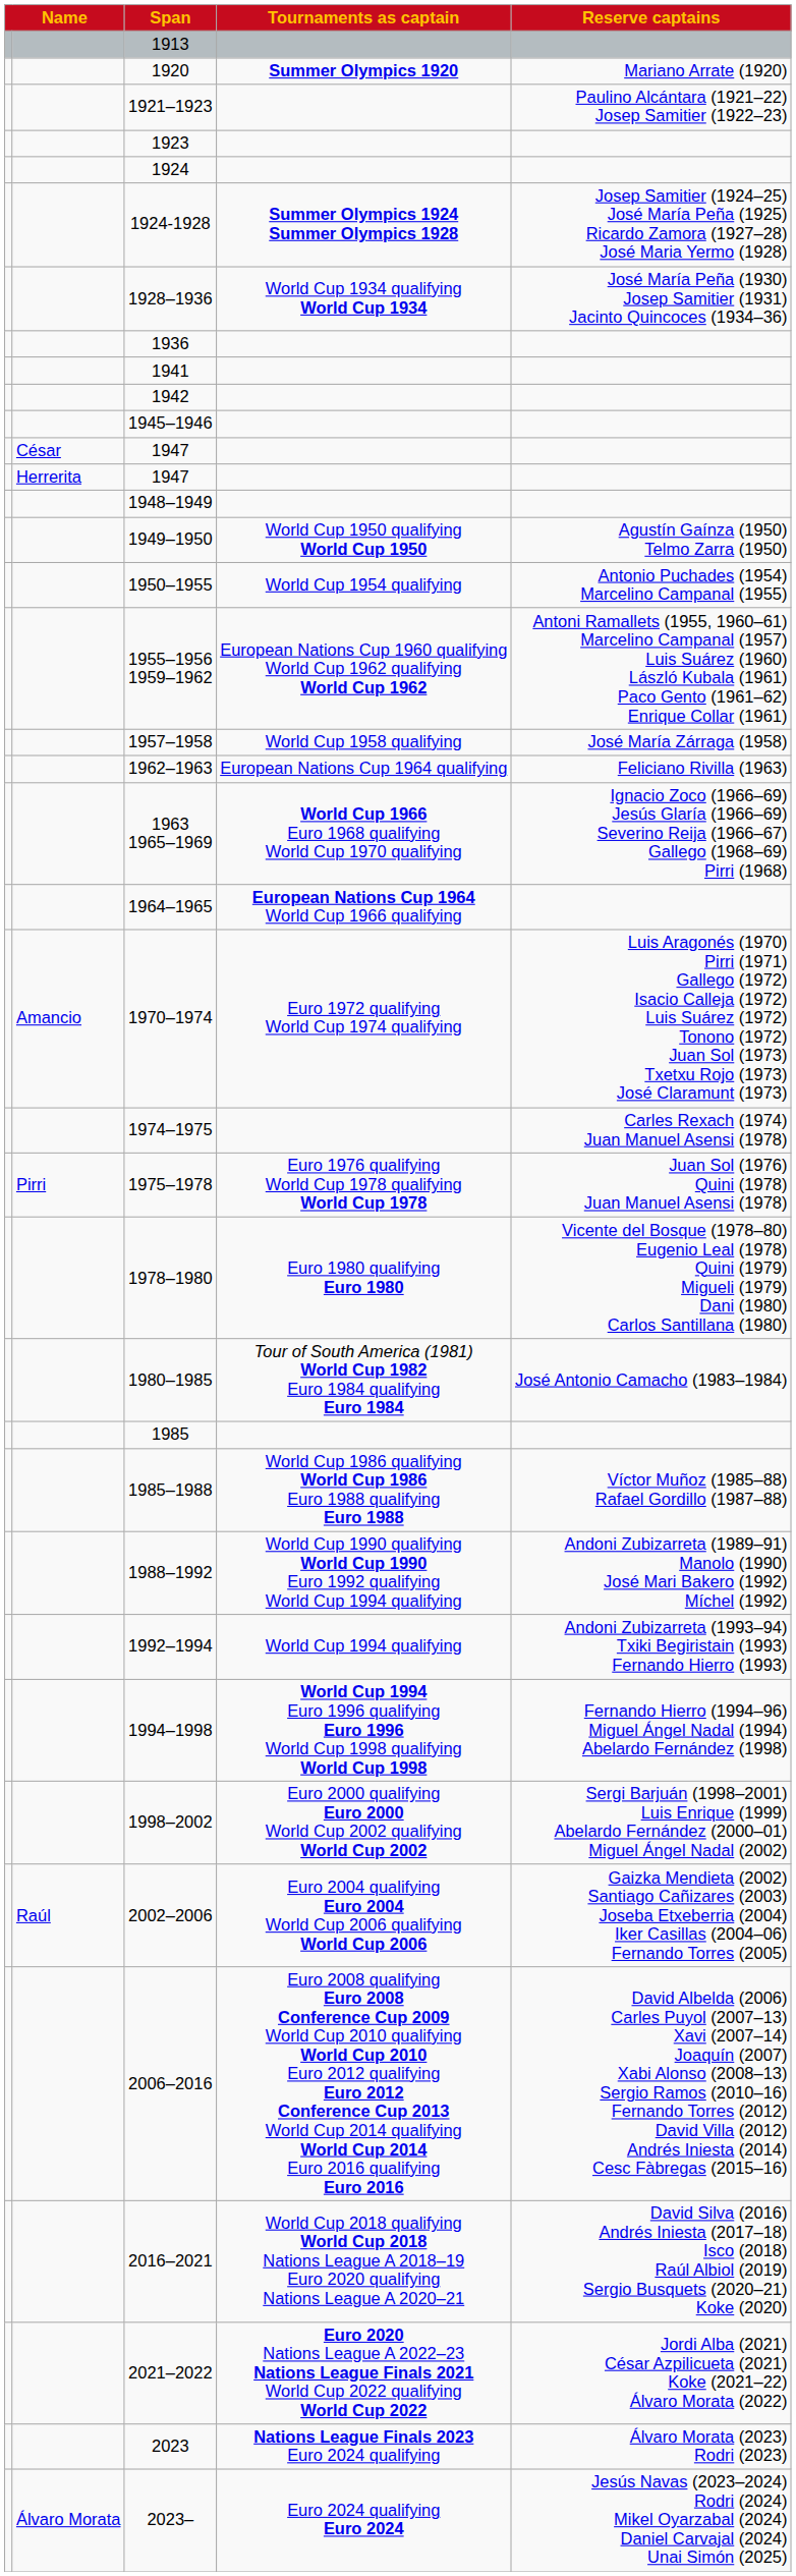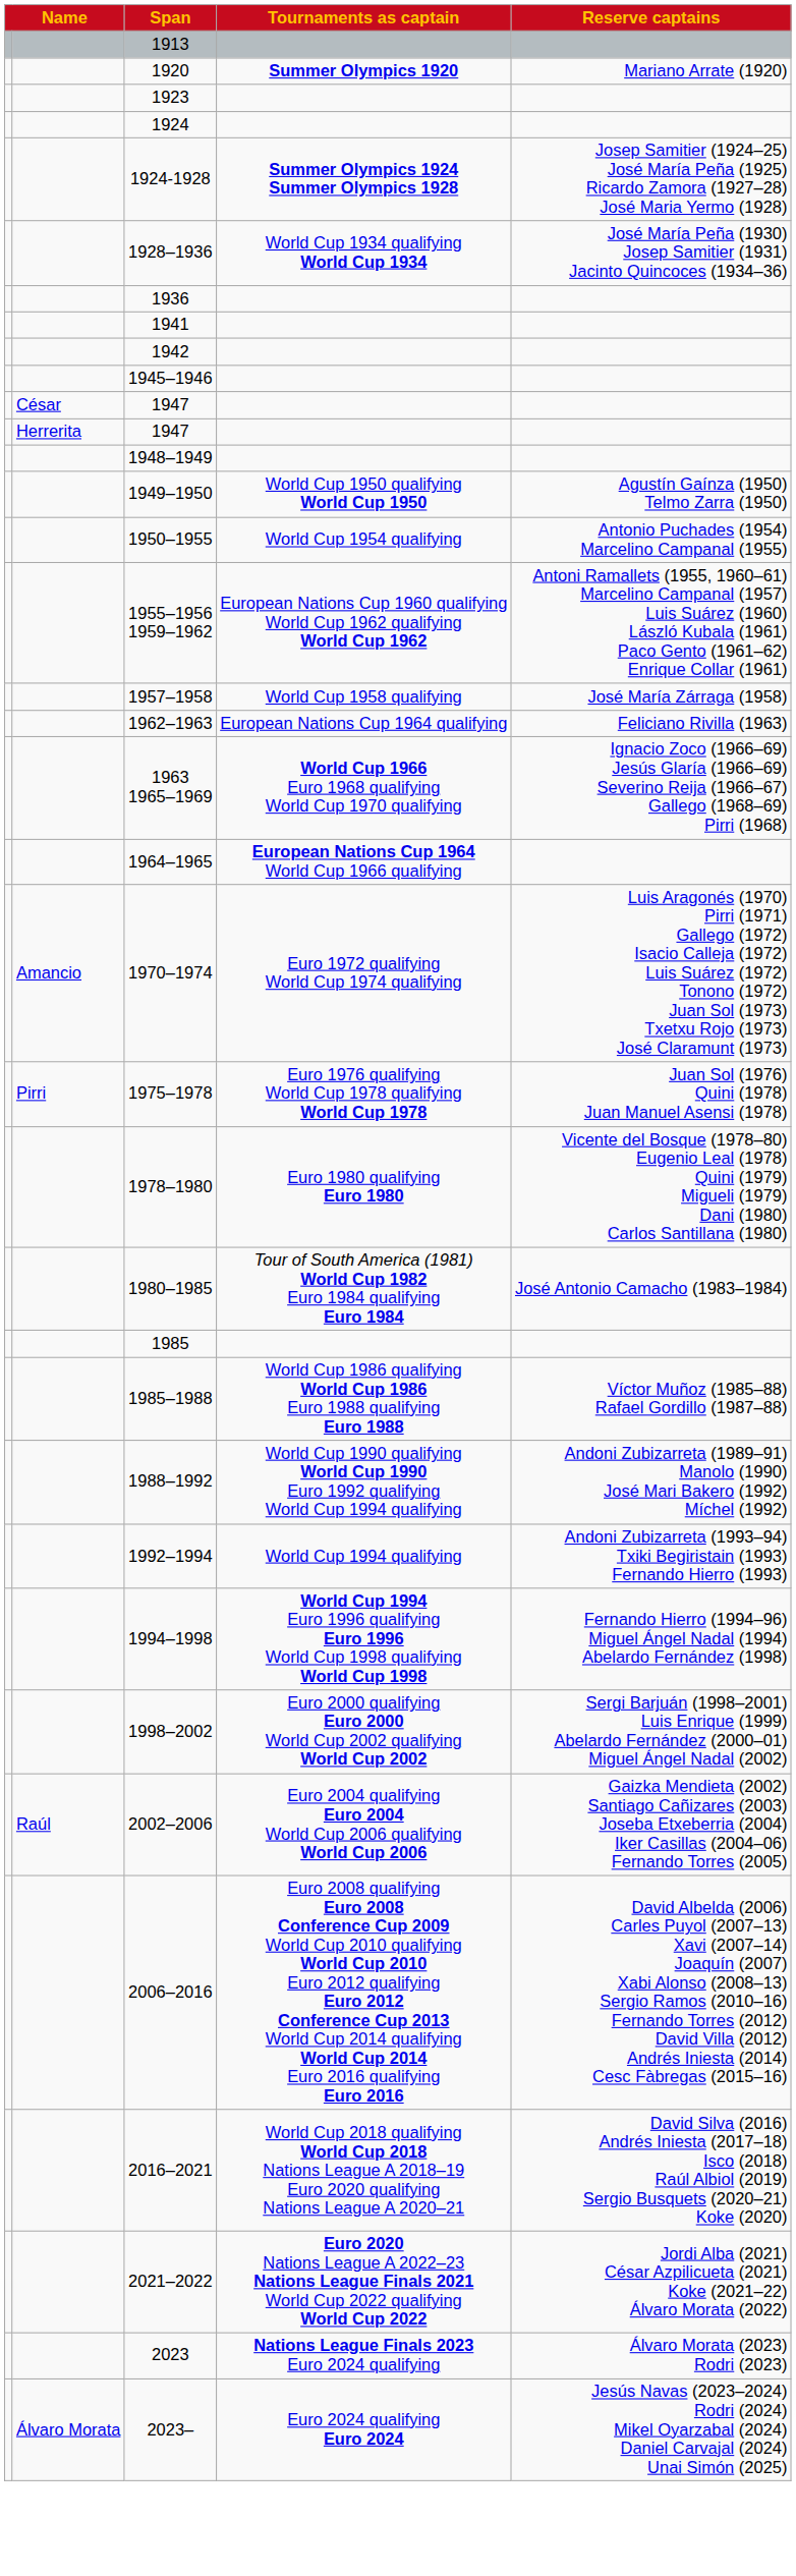 <table class="wikitable sortable" style="text-align:center">
 <tr>
 <th colspan="2" style="background-color:#C60B1E;color:#FFC400;">Name</th>
 <th style="background-color:#C60B1E;color:#FFC400;">Span</th>
 <th class="unsortable" style="background-color:#C60B1E;color:#FFC400;">Tournaments as captain</th>
 <th class="unsortable" style="background-color:#C60B1E;color:#FFC400;">Reserve captains</th>
 </tr>
 <tr>
 <td style="text-align:center" bgcolor=#B4BCC0></td>
 <td style="text-align:left" bgcolor=#B4BCC0></td>
 <td style="text-align:center" bgcolor=#B4BCC0>1913</td>
 <td style="text-align:center" bgcolor=#B4BCC0></td>
 <td style="text-align:center" bgcolor=#B4BCC0></td>
 </tr>
 <tr>
 <td></td>
 <td style="text-align:left"></td>
 <td>1920</td>
 <td> <strong><a href='#'>Summer Olympics 1920</a></strong></td>
 <td style="text-align:right"><a href='#'>Mariano Arrate</a> (1920)</td>
-</tr>
-<tr>
-<td></td>
-<td style="text-align:left"></td>
-<td>1921–1923</td>
-<td></td>
-<td style="text-align:right"><a href='#'>Paulino Alcántara</a> (1921–22) <br> <a href='#'>Josep Samitier</a> (1922–23)</td>
 </tr>
 <tr>
 <td></td>
 <td style="text-align:left"></td>
 <td>1923</td>
 <td></td>
 <td style="text-align:left"></td>
 </tr>
 <tr>
 <td></td>
 <td style="text-align:left"></td>
 <td>1924</td>
 <td></td>
 <td style="text-align:left"></td>
 </tr>
 <tr>
 <td></td>
 <td style="text-align:left"></td>
 <td>1924-1928</td>
 <td><strong><a href='#'>Summer Olympics 1924</a></strong> <br> <strong><a href='#'>Summer Olympics 1928</a></strong></td>
 <td style="text-align:right"><a href='#'>Josep Samitier</a> (1924–25) <br> <a href='#'>José María Peña</a> (1925) <br> <a href='#'>Ricardo Zamora</a> (1927–28) <br> <a href='#'>José Maria Yermo</a> (1928)</td>
 </tr>
 <tr>
 <td></td>
 <td style="text-align:left"></td>
 <td>1928–1936</td>
 <td><a href='#'>World Cup 1934 qualifying</a> <br> <strong><a href='#'>World Cup 1934</a></strong></td>
 <td style="text-align:right"><a href='#'>José María Peña</a> (1930) <br> <a href='#'>Josep Samitier</a> (1931) <br> <a href='#'>Jacinto Quincoces</a> (1934–36)</td>
 </tr>
 <tr>
 <td></td>
 <td style="text-align:left"></td>
 <td>1936</td>
 <td></td>
 <td style="text-align:right"></td>
 </tr>
 <tr>
 <td></td>
 <td style="text-align:left"></td>
 <td>1941</td>
 <td></td>
 <td style="text-align:right"></td>
 </tr>
 <tr>
 <td></td>
 <td style="text-align:left"></td>
 <td>1942</td>
 <td></td>
 <td style="text-align:right"></td>
 </tr>
 <tr>
 <td></td>
 <td style="text-align:left"></td>
 <td>1945–1946</td>
 <td></td>
 <td style="text-align:right"></td>
 </tr>
 <tr>
 <td></td>
 <td style="text-align:left"><a href='#'>César</a></td>
 <td>1947</td>
 <td></td>
 <td style="text-align:right"></td>
 </tr>
 <tr>
 <td></td>
 <td style="text-align:left"><a href='#'>Herrerita</a></td>
 <td>1947</td>
 <td></td>
 <td style="text-align:right"></td>
 </tr>
 <tr>
 <td></td>
 <td style="text-align:left"></td>
 <td>1948–1949</td>
 <td></td>
 <td style="text-align:right"></td>
 </tr>
 <tr>
 <td></td>
 <td style="text-align:left"></td>
 <td>1949–1950</td>
 <td><a href='#'>World Cup 1950 qualifying</a> <br> <strong><a href='#'>World Cup 1950</a></strong></td>
 <td style="text-align:right"><a href='#'>Agustín Gaínza</a> (1950) <br> <a href='#'>Telmo Zarra</a> (1950)</td>
 </tr>
 <tr>
 <td></td>
 <td style="text-align:left"></td>
 <td>1950–1955</td>
 <td><a href='#'>World Cup 1954 qualifying</a></td>
 <td style="text-align:right"><a href='#'>Antonio Puchades</a> (1954) <br> <a href='#'>Marcelino Campanal</a> (1955)</td>
 </tr>
 <tr>
 <td></td>
 <td style="text-align:left"></td>
 <td>1955–1956 <br> 1959–1962</td>
 <td><a href='#'>European Nations Cup 1960 qualifying</a> <br> <a href='#'>World Cup 1962 qualifying</a> <br> <strong><a href='#'>World Cup 1962</a></strong></td>
 <td style="text-align:right"><a href='#'>Antoni Ramallets</a> (1955, 1960–61) <br> <a href='#'>Marcelino Campanal</a> (1957) <br> <a href='#'>Luis Suárez</a> (1960) <br> <a href='#'>László Kubala</a> (1961) <br> <a href='#'>Paco Gento</a> (1961–62) <br> <a href='#'>Enrique Collar</a> (1961)</td>
 </tr>
 <tr>
 <td></td>
 <td style="text-align:left"></td>
 <td>1957–1958</td>
 <td><a href='#'>World Cup 1958 qualifying</a></td>
 <td style="text-align:right"><a href='#'>José María Zárraga</a> (1958)</td>
 </tr>
 <tr>
 <td></td>
 <td style="text-align:left"></td>
 <td>1962–1963</td>
 <td><a href='#'>European Nations Cup 1964 qualifying</a></td>
 <td style="text-align:right"><a href='#'>Feliciano Rivilla</a> (1963)</td>
 </tr>
 <tr>
 <td></td>
 <td style="text-align:left"></td>
 <td>1963 <br> 1965–1969</td>
 <td><strong><a href='#'>World Cup 1966</a></strong> <br> <a href='#'>Euro 1968 qualifying</a> <br> <a href='#'>World Cup 1970 qualifying</a></td>
 <td style="text-align:right"><a href='#'>Ignacio Zoco</a> (1966–69) <br> <a href='#'>Jesús Glaría</a> (1966–69) <br> <a href='#'>Severino Reija</a> (1966–67) <br> <a href='#'>Gallego</a> (1968–69) <br> <a href='#'>Pirri</a> (1968)</td>
 </tr>
 <tr>
 <td></td>
 <td style="text-align:left"></td>
 <td>1964–1965</td>
 <td> <strong><a href='#'>European Nations Cup 1964</a></strong> <br> <a href='#'>World Cup 1966 qualifying</a></td>
 <td style="text-align:right"></td>
 </tr>
 <tr>
 <td></td>
 <td style="text-align:left"><a href='#'>Amancio</a></td>
 <td>1970–1974</td>
 <td><a href='#'>Euro 1972 qualifying</a> <br> <a href='#'>World Cup 1974 qualifying</a></td>
 <td style="text-align:right"><a href='#'>Luis Aragonés</a> (1970) <br> <a href='#'>Pirri</a> (1971) <br> <a href='#'>Gallego</a> (1972) <br> <a href='#'>Isacio Calleja</a> (1972) <br> <a href='#'>Luis Suárez</a> (1972) <br> <a href='#'>Tonono</a> (1972) <br> <a href='#'>Juan Sol</a> (1973) <br> <a href='#'>Txetxu Rojo</a> (1973) <br> <a href='#'>José Claramunt</a> (1973)</td>
 </tr>
 <tr>
 <td></td>
-<td style="text-align:left"></td>
-<td>1974–1975</td>
-<td></td>
-<td style="text-align:right"><a href='#'>Carles Rexach</a> (1974) <br> <a href='#'>Juan Manuel Asensi</a> (1978)</td>
-</tr>
-<tr>
-<td></td>
 <td style="text-align:left"><a href='#'>Pirri</a></td>
 <td>1975–1978</td>
 <td><a href='#'>Euro 1976 qualifying</a> <br><a href='#'>World Cup 1978 qualifying</a> <br> <strong><a href='#'>World Cup 1978</a></strong></td>
 <td style="text-align:right"><a href='#'>Juan Sol</a> (1976) <br> <a href='#'>Quini</a> (1978) <br> <a href='#'>Juan Manuel Asensi</a> (1978)</td>
 </tr>
 <tr>
 <td></td>
 <td style="text-align:left"></td>
 <td>1978–1980</td>
 <td><a href='#'>Euro 1980 qualifying</a> <br> <strong><a href='#'>Euro 1980</a></strong></td>
 <td style="text-align:right"><a href='#'>Vicente del Bosque</a> (1978–80) <br> <a href='#'>Eugenio Leal</a> (1978) <br> <a href='#'>Quini</a> (1979) <br> <a href='#'>Migueli</a> (1979) <br> <a href='#'>Dani</a> (1980) <br> <a href='#'>Carlos Santillana</a> (1980)</td>
 </tr>
 <tr>
 <td></td>
 <td style="text-align:left"></td>
 <td>1980–1985</td>
 <td><em>Tour of South America (1981)</em> <br> <strong><a href='#'>World Cup 1982</a></strong> <br> <a href='#'>Euro 1984 qualifying</a> <br>  <strong><a href='#'>Euro 1984</a></strong></td>
 <td style="text-align:right"><a href='#'>José Antonio Camacho</a> (1983–1984)</td>
 </tr>
 <tr>
 <td></td>
 <td style="text-align:left"></td>
 <td>1985</td>
 <td></td>
 <td style="text-align:right"></td>
 </tr>
 <tr>
 <td></td>
 <td style="text-align:left"></td>
 <td>1985–1988</td>
 <td><a href='#'>World Cup 1986 qualifying</a> <br> <strong><a href='#'>World Cup 1986</a></strong> <br> <a href='#'>Euro 1988 qualifying</a> <br> <strong><a href='#'>Euro 1988</a></strong></td>
 <td style="text-align:right"><a href='#'>Víctor Muñoz</a> (1985–88) <br> <a href='#'>Rafael Gordillo</a> (1987–88)</td>
 </tr>
 <tr>
 <td></td>
 <td style="text-align:left"></td>
 <td>1988–1992</td>
 <td><a href='#'>World Cup 1990 qualifying</a> <br><strong><a href='#'>World Cup 1990</a></strong> <br> <a href='#'>Euro 1992 qualifying</a> <br> <a href='#'>World Cup 1994 qualifying</a></td>
 <td style="text-align:right"><a href='#'>Andoni Zubizarreta</a> (1989–91) <br> <a href='#'>Manolo</a> (1990) <br> <a href='#'>José Mari Bakero</a> (1992) <br> <a href='#'>Míchel</a> (1992)</td>
 </tr>
 <tr>
 <td></td>
 <td style="text-align:left"></td>
 <td>1992–1994</td>
 <td><a href='#'>World Cup 1994 qualifying</a></td>
 <td style="text-align:right"><a href='#'>Andoni Zubizarreta</a> (1993–94) <br> <a href='#'>Txiki Begiristain</a> (1993) <br> <a href='#'>Fernando Hierro</a> (1993)</td>
 </tr>
 <tr>
 <td></td>
 <td style="text-align:left"></td>
 <td>1994–1998</td>
 <td><strong><a href='#'>World Cup 1994</a></strong> <br> <a href='#'>Euro 1996 qualifying</a> <br> <strong><a href='#'>Euro 1996</a></strong> <br> <a href='#'>World Cup 1998 qualifying</a> <br><strong><a href='#'>World Cup 1998</a></strong></td>
 <td style="text-align:right"><a href='#'>Fernando Hierro</a> (1994–96) <br> <a href='#'>Miguel Ángel Nadal</a> (1994) <br> <a href='#'>Abelardo Fernández</a> (1998)</td>
 </tr>
 <tr>
 <td></td>
 <td style="text-align:left"></td>
 <td>1998–2002</td>
 <td><a href='#'>Euro 2000 qualifying</a> <br><strong><a href='#'>Euro 2000</a></strong> <br> <a href='#'>World Cup 2002 qualifying</a> <br><strong><a href='#'>World Cup 2002</a></strong></td>
 <td style="text-align:right"><a href='#'>Sergi Barjuán</a> (1998–2001) <br> <a href='#'>Luis Enrique</a> (1999) <br> <a href='#'>Abelardo Fernández</a> (2000–01) <br> <a href='#'>Miguel Ángel Nadal</a> (2002)</td>
 </tr>
 <tr>
 <td></td>
 <td style="text-align:left"><a href='#'>Raúl</a></td>
 <td>2002–2006</td>
 <td><a href='#'>Euro 2004 qualifying</a> <br> <strong><a href='#'>Euro 2004</a></strong> <br> <a href='#'>World Cup 2006 qualifying</a> <br> <strong><a href='#'>World Cup 2006</a></strong></td>
 <td style="text-align:right"><a href='#'>Gaizka Mendieta</a> (2002)<br> <a href='#'>Santiago Cañizares</a> (2003) <br> <a href='#'>Joseba Etxeberria</a> (2004) <br> <a href='#'>Iker Casillas</a> (2004–06) <br> <a href='#'>Fernando Torres</a> (2005)</td>
 </tr>
 <tr>
 <td></td>
 <td style="text-align:left"></td>
 <td>2006–2016</td>
 <td><a href='#'>Euro 2008 qualifying</a> <br>  <strong><a href='#'>Euro 2008</a></strong> <br>  <strong><a href='#'>Conference Cup 2009</a></strong> <br> <a href='#'>World Cup 2010 qualifying</a> <br>  <strong><a href='#'>World Cup 2010</a></strong> <br> <a href='#'>Euro 2012 qualifying</a> <br>  <strong><a href='#'>Euro 2012</a></strong> <br>  <strong><a href='#'>Conference Cup 2013</a></strong> <br> <a href='#'>World Cup 2014 qualifying</a> <br> <strong><a href='#'>World Cup 2014</a></strong> <br> <a href='#'>Euro 2016 qualifying</a> <br><strong><a href='#'>Euro 2016</a></strong></td>
 <td style="text-align:right"><a href='#'>David Albelda</a> (2006) <br> <a href='#'>Carles Puyol</a> (2007–13) <br> <a href='#'>Xavi</a> (2007–14) <br> <a href='#'>Joaquín</a> (2007) <br> <a href='#'>Xabi Alonso</a> (2008–13) <br> <a href='#'>Sergio Ramos</a> (2010–16) <br> <a href='#'>Fernando Torres</a> (2012) <br> <a href='#'>David Villa</a> (2012) <br> <a href='#'>Andrés Iniesta</a> (2014) <br> <a href='#'>Cesc Fàbregas</a> (2015–16)</td>
 </tr>
 <tr>
 <td></td>
 <td style="text-align:left"></td>
 <td>2016–2021</td>
 <td><a href='#'>World Cup 2018 qualifying</a> <br><strong><a href='#'>World Cup 2018</a></strong> <br> <a href='#'>Nations League A 2018–19</a> <br> <a href='#'>Euro 2020 qualifying</a> <br> <a href='#'>Nations League A 2020–21</a></td>
 <td style="text-align:right"><a href='#'>David Silva</a> (2016) <br> <a href='#'>Andrés Iniesta</a> (2017–18) <br> <a href='#'>Isco</a> (2018) <br> <a href='#'>Raúl Albiol</a> (2019) <br> <a href='#'>Sergio Busquets</a> (2020–21) <br> <a href='#'>Koke</a> (2020)</td>
 </tr>
 <tr>
 <td></td>
 <td style="text-align:left"></td>
 <td>2021–2022</td>
 <td> <strong><a href='#'>Euro 2020</a></strong> <br> <a href='#'>Nations League A 2022–23</a> <br>  <strong><a href='#'>Nations League Finals 2021</a></strong> <br> <a href='#'>World Cup 2022 qualifying</a> <br> <strong><a href='#'>World Cup 2022</a></strong></td>
 <td style="text-align:right"><a href='#'>Jordi Alba</a> (2021) <br> <a href='#'>César Azpilicueta</a> (2021) <br> <a href='#'>Koke</a> (2021–22) <br> <a href='#'>Álvaro Morata</a> (2022)</td>
 </tr>
 <tr>
 <td></td>
 <td style="text-align:left"></td>
 <td>2023</td>
 <td> <strong><a href='#'>Nations League Finals 2023</a></strong> <br> <a href='#'>Euro 2024 qualifying</a></td>
 <td style="text-align:right"><a href='#'>Álvaro Morata</a> (2023) <br> <a href='#'>Rodri</a> (2023)</td>
 </tr>
 <tr>
 <td></td>
 <td style="text-align:left"><a href='#'>Álvaro Morata</a></td>
 <td>2023–</td>
 <td><a href='#'>Euro 2024 qualifying</a> <br>  <strong><a href='#'>Euro 2024</a></strong></td>
 <td style="text-align:right"><a href='#'>Jesús Navas</a> (2023–2024) <br> <a href='#'>Rodri</a> (2024)  <br> <a href='#'>Mikel Oyarzabal</a> (2024) <br> <a href='#'>Daniel Carvajal</a> (2024) <br> <a href='#'>Unai Simón</a> (2025)</td>
 </tr>
 </table>
